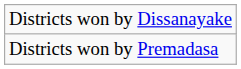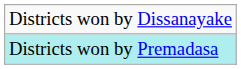 <table class="wikitable">
 <tr>
 <td>Districts won by <a href='#'>Dissanayake</a></td>
 </tr>
 <tr>
-<td>Districts won by <a href='#'>Premadasa</a></td>
+<td style="background: paleturquoise;">Districts won by <a href='#'>Premadasa</a></td>
 </tr>
 </table>
